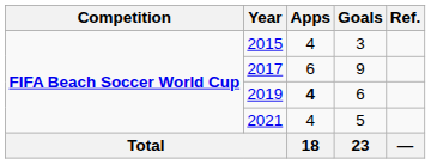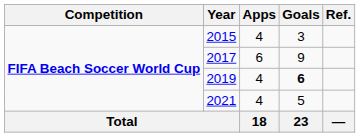 <table class="wikitable" style="text-align:center;">
 <tr>
 <th>Competition</th>
 <th>Year</th>
 <th>Apps</th>
 <th>Goals</th>
 <th>Ref.</th>
 </tr>
 <tr>
 <td rowspan="4"><strong><a href='#'>FIFA Beach Soccer World Cup</a></strong></td>
 <td> <a href='#'>2015</a></td>
 <td>4</td>
 <td>3</td>
 <td></td>
 </tr>
 <tr>
 <td> <a href='#'>2017</a></td>
 <td>6</td>
 <td>9</td>
 <td></td>
 </tr>
 <tr>
 <td> <a href='#'>2019</a></td>
-<td><strong>4</strong></td>
-<td>6</td>
+<td>4</td>
+<td><strong>6</strong></td>
 <td></td>
 </tr>
 <tr>
 <td> <a href='#'>2021</a></td>
 <td>4</td>
 <td>5</td>
 <td></td>
 </tr>
 <tr>
 <th colspan=2>Total</th>
 <th>18</th>
 <th>23</th>
 <th>—</th>
 </tr>
 </table>
